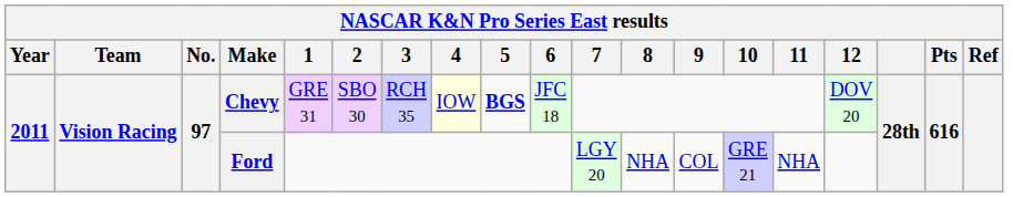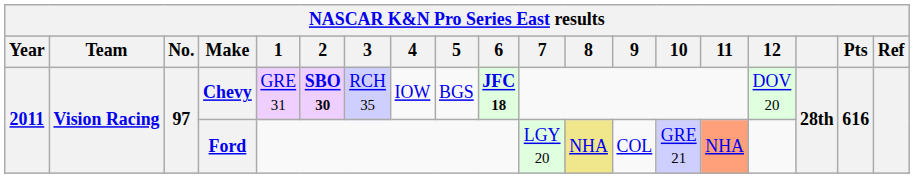 <table class="wikitable" style="text-align:center; font-size:75%">
 <tr>
 <th colspan=19><a href='#'>NASCAR K&N Pro Series East</a> results</th>
 </tr>
 <tr>
 <th>Year</th>
 <th>Team</th>
 <th>No.</th>
 <th>Make</th>
 <th>1</th>
 <th>2</th>
 <th>3</th>
 <th>4</th>
 <th>5</th>
 <th>6</th>
 <th>7</th>
 <th>8</th>
 <th>9</th>
 <th>10</th>
 <th>11</th>
 <th>12</th>
 <th></th>
 <th>Pts</th>
 <th>Ref</th>
 </tr>
 <tr>
 <th rowspan=2><a href='#'>2011</a></th>
 <th rowspan=2><a href='#'>Vision Racing</a></th>
 <th rowspan=2>97</th>
 <th><a href='#'>Chevy</a></th>
 <td style="background:#EFCFFF;"><a href='#'>GRE</a><br><small>31</small></td>
-<td style="background:#EFCFFF;"><a href='#'>SBO</a><br><small>30</small></td>
+<td style="background:#EFCFFF;"><strong><a href='#'>SBO</a><br><small>30</small></strong></td>
 <td style="background:#CFCFFF;"><a href='#'>RCH</a><br><small>35</small></td>
-<td style="background: lightyellow;"><a href='#'>IOW</a></td>
-<td><strong><a href='#'>BGS</a></strong></td>
-<td style="background:#DFFFDF;"><a href='#'>JFC</a><br><small>18</small></td>
+<td><a href='#'>IOW</a></td>
+<td><a href='#'>BGS</a></td>
+<td style="background:#DFFFDF;"><strong><a href='#'>JFC</a><br><small>18</small></strong></td>
 <td colspan=5></td>
 <td style="background:#DFFFDF;"><a href='#'>DOV</a><br><small>20</small></td>
 <th rowspan=2>28th</th>
 <th rowspan=2>616</th>
 <th rowspan=2></th>
 </tr>
 <tr>
 <th><a href='#'>Ford</a></th>
 <td colspan=6></td>
 <td style="background:#DFFFDF;"><a href='#'>LGY</a><br><small>20</small></td>
-<td><a href='#'>NHA</a></td>
+<td style="background: khaki;"><a href='#'>NHA</a></td>
 <td><a href='#'>COL</a></td>
 <td style="background:#CFCFFF;"><a href='#'>GRE</a><br><small>21</small></td>
-<td><a href='#'>NHA</a></td>
+<td style="background: lightsalmon;"><a href='#'>NHA</a></td>
 <td></td>
 </tr>
 </table>
